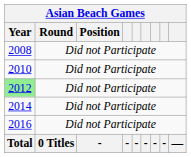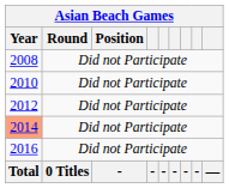 <table class="wikitable" style="text-align: center;">
 <tr>
 <th colspan=9><a href='#'>Asian Beach Games</a></th>
 </tr>
 <tr>
 <th>Year</th>
 <th>Round</th>
 <th>Position</th>
 <th></th>
 <th></th>
 <th></th>
 <th></th>
 <th></th>
 <th></th>
 </tr>
 <tr>
 <td> <a href='#'>2008</a></td>
 <td colspan=9><em> Did not Participate</em></td>
 </tr>
 <tr>
 <td> <a href='#'>2010</a></td>
 <td colspan=9><em> Did not Participate</em></td>
 </tr>
 <tr>
-<td style="background: lightgreen;"> <a href='#'>2012</a></td>
+<td> <a href='#'>2012</a></td>
 <td colspan=9><em> Did not Participate</em></td>
 </tr>
 <tr>
-<td> <a href='#'>2014</a></td>
+<td style="background: lightsalmon;"> <a href='#'>2014</a></td>
 <td colspan=9><em> Did not Participate</em></td>
 </tr>
 <tr>
 <td> <a href='#'>2016</a></td>
 <td colspan=9><em> Did not Participate</em></td>
 </tr>
 <tr>
 <th>Total</th>
 <th>0 Titles</th>
 <th>-</th>
 <th>-</th>
 <th>-</th>
 <th>-</th>
 <th>-</th>
 <th>-</th>
 <th>—</th>
 </tr>
 </table>
